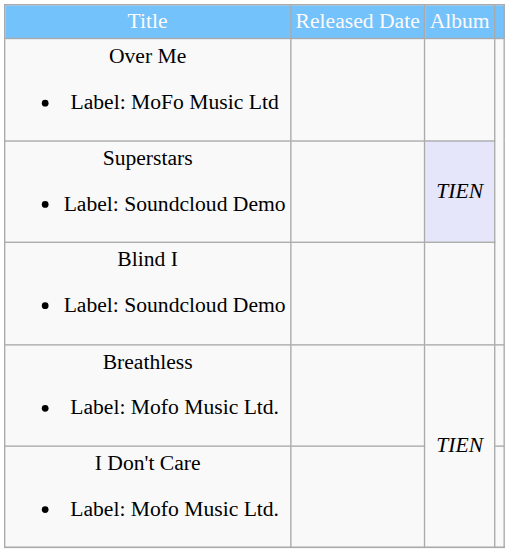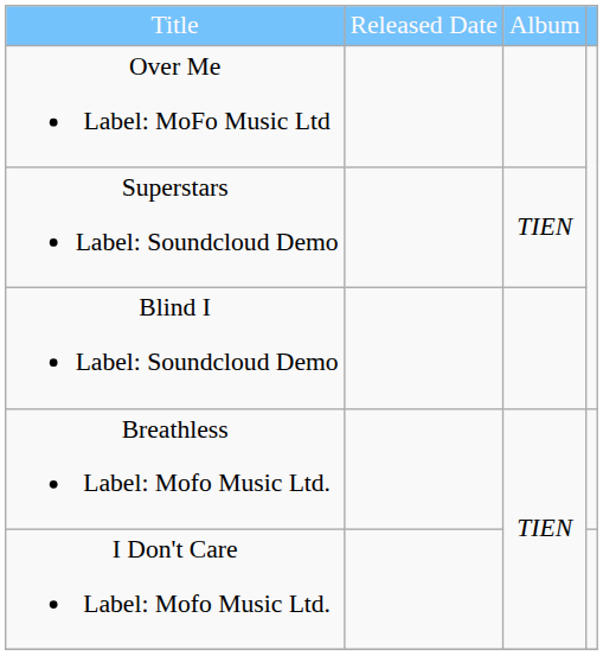 <table class="wikitable">
 <tr style="background:#73C2FB; color:snow" align=center>
 <td>Title</td>
 <td>Released Date</td>
 <td>Album</td>
 <td></td>
 </tr>
 <tr align="center">
 <td>Over Me<br><ul><li>Label: MoFo Music Ltd</li></ul></td>
 <td></td>
 <td></td>
 <td rowspan="3"></td>
 </tr>
 <tr align="center">
 <td>Superstars<br><ul><li>Label: Soundcloud Demo</li></ul></td>
 <td></td>
-<td style="background: lavender;"><em>TIEN</em></td>
+<td><em>TIEN</em></td>
 </tr>
 <tr align="center">
 <td>Blind I<br><ul><li>Label: Soundcloud Demo</li></ul></td>
 <td></td>
 <td></td>
 </tr>
 <tr align="center">
 <td>Breathless<br><ul><li>Label: Mofo Music Ltd.</li></ul></td>
 <td></td>
 <td rowspan="2"><em>TIEN</em></td>
 <td></td>
 </tr>
 <tr align="center">
 <td>I Don't Care<br><ul><li>Label: Mofo Music Ltd.</li></ul></td>
 <td></td>
 <td></td>
 </tr>
 <tr align="center">
 </tr>
 </table>
